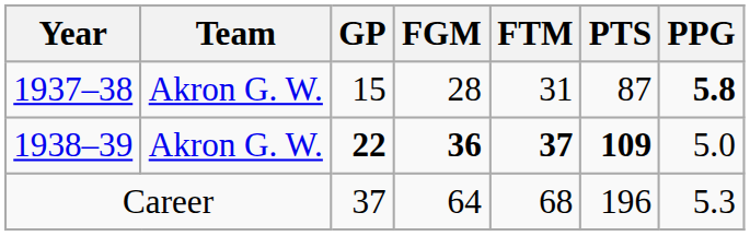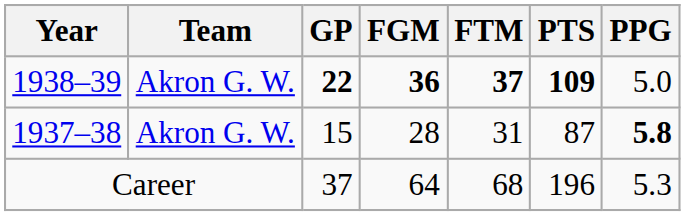 <table class="wikitable sortable" style="font-size:95%; text-align:right;">
 <tr>
 <th>Year</th>
 <th>Team</th>
 <th>GP</th>
 <th>FGM</th>
 <th>FTM</th>
 <th>PTS</th>
 <th>PPG</th>
 </tr>
 <tr>
+<td style="text-align:left;"><a href='#'>1938–39</a></td>
+<td style="text-align:left;"><a href='#'>Akron G. W.</a></td>
+<td><strong>22</strong></td>
+<td><strong>36</strong></td>
+<td><strong>37</strong></td>
+<td><strong>109</strong></td>
+<td>5.0</td>
+</tr>
+<tr>
 <td style="text-align:left;"><a href='#'>1937–38</a></td>
 <td style="text-align:left;"><a href='#'>Akron G. W.</a></td>
 <td>15</td>
 <td>28</td>
 <td>31</td>
 <td>87</td>
 <td><strong>5.8</strong></td>
-</tr>
-<tr>
-<td style="text-align:left;"><a href='#'>1938–39</a></td>
-<td style="text-align:left;"><a href='#'>Akron G. W.</a></td>
-<td><strong>22</strong></td>
-<td><strong>36</strong></td>
-<td><strong>37</strong></td>
-<td><strong>109</strong></td>
-<td>5.0</td>
 </tr>
 <tr>
 <td style="text-align:center;" colspan="2">Career</td>
 <td>37</td>
 <td>64</td>
 <td>68</td>
 <td>196</td>
 <td>5.3</td>
 </tr>
 </table>
